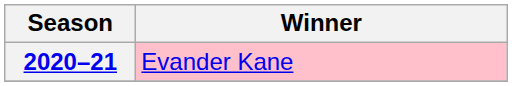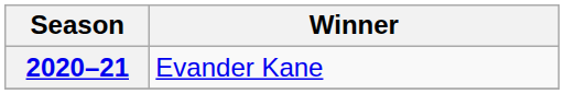 <table class="wikitable">
 <tr>
 <th scope="col" style="width:5em">Season</th>
 <th scope="col" style="width:15em">Winner</th>
 </tr>
 <tr>
 <th scope="row"><a href='#'>2020–21</a></th>
-<td style="background: pink;"><a href='#'>Evander Kane</a></td>
+<td><a href='#'>Evander Kane</a></td>
 </tr>
 <tr>
 </tr>
 </table>
